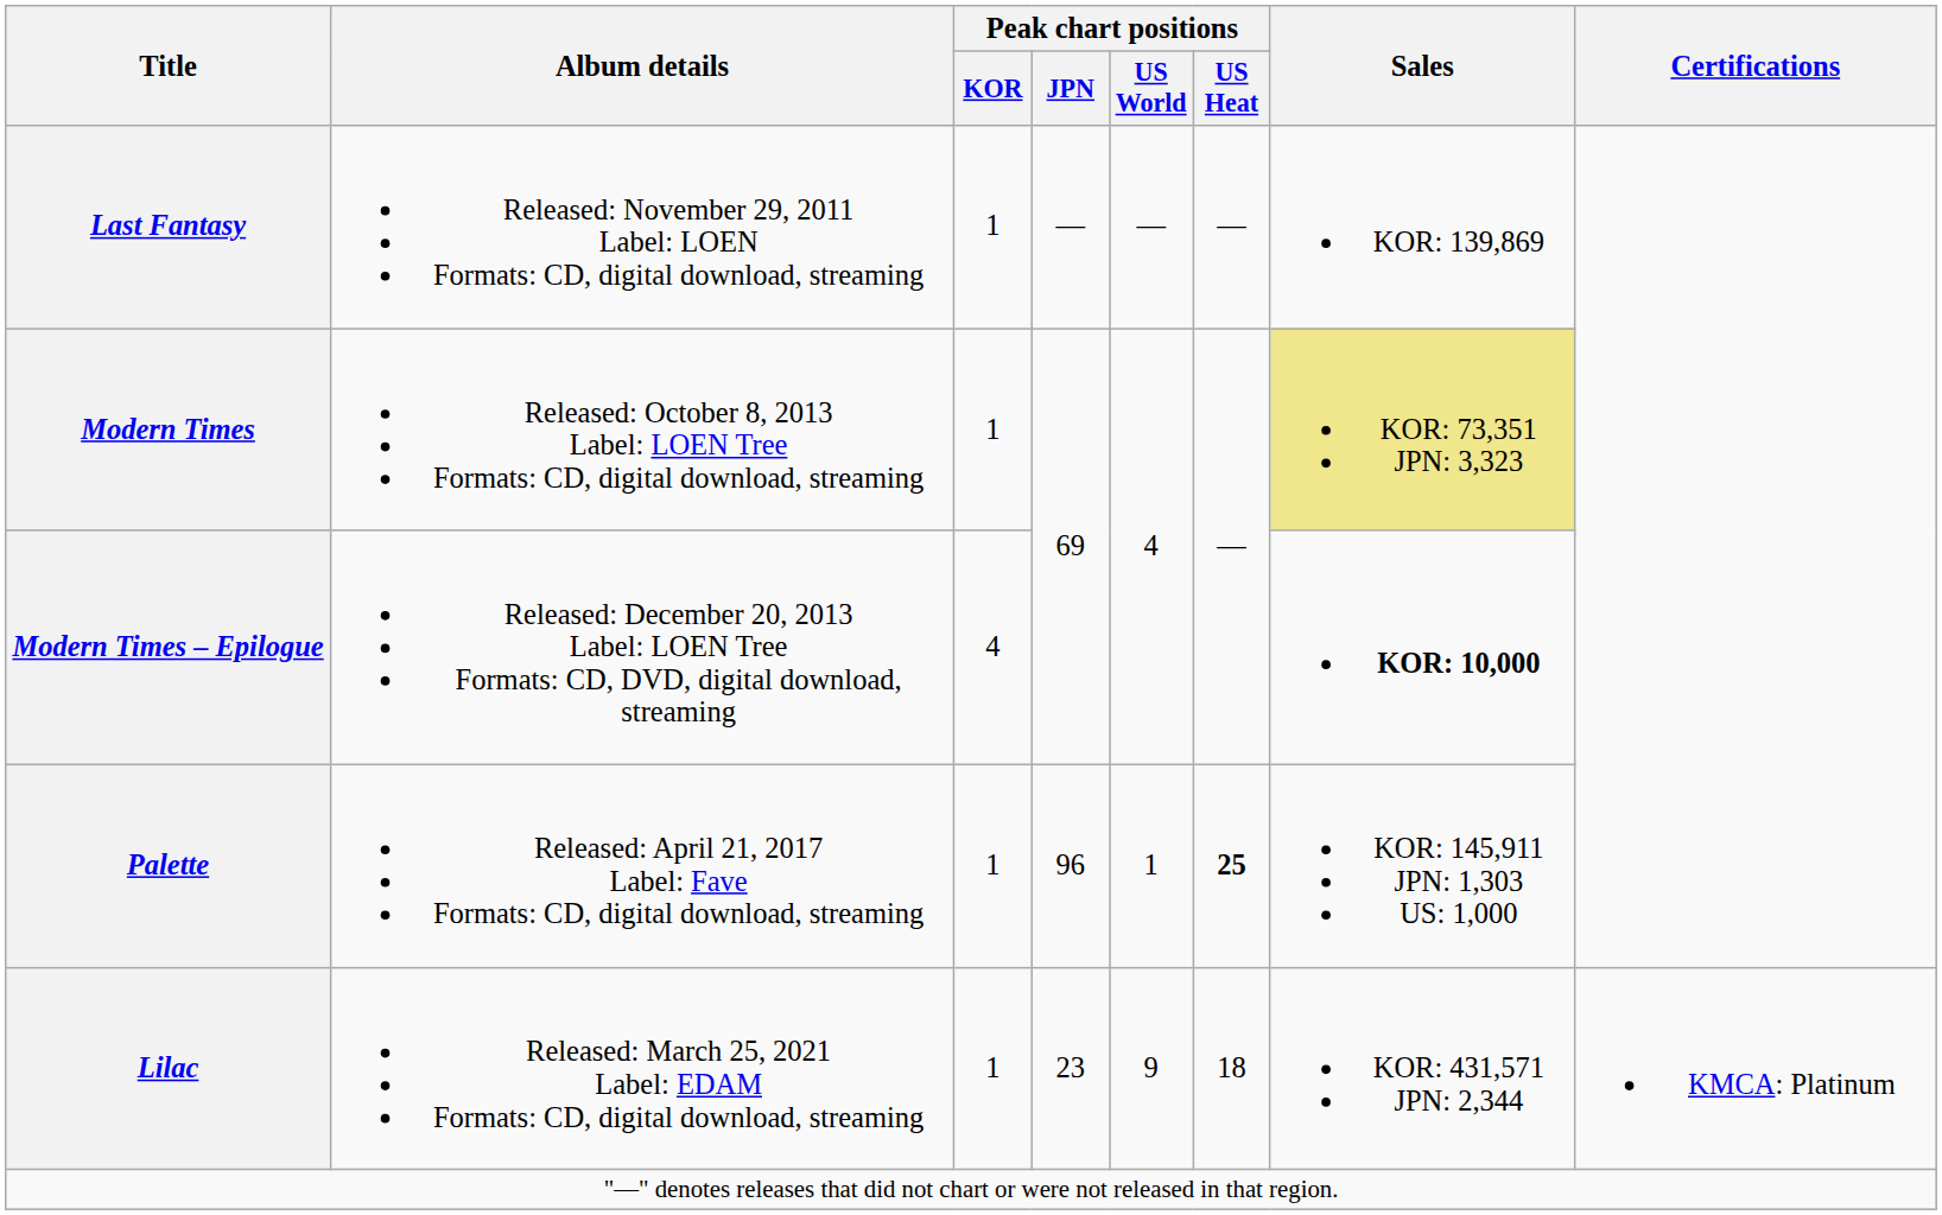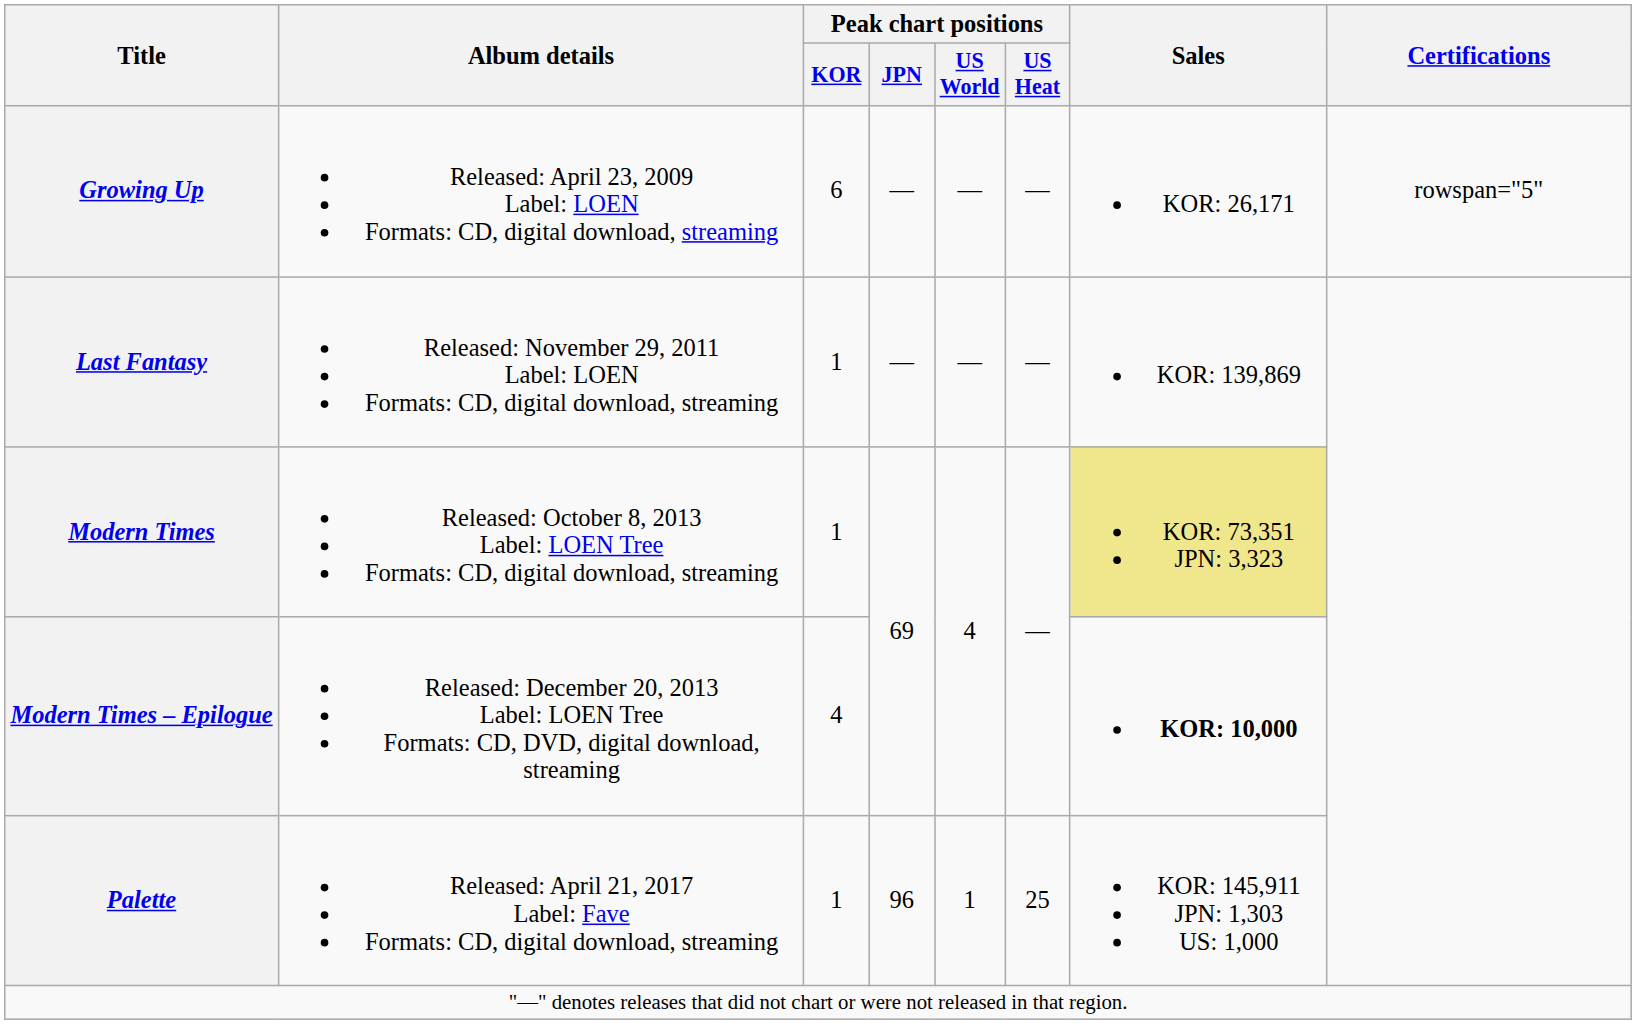 <table class="wikitable plainrowheaders" style="text-align:center;">
 <tr>
 <th rowspan="2">Title</th>
 <th rowspan="2" style="width:21em;">Album details</th>
 <th colspan="4">Peak chart positions</th>
 <th rowspan="2" style="width:10em;">Sales</th>
 <th scope="col" rowspan="2" style="width:12em;"><a href='#'>Certifications</a><br></th>
 </tr>
 <tr>
 <th scope="col" style="width:2.5em;font-size:90%;"><a href='#'>KOR</a><br></th>
 <th scope="col" style="width:2.5em;font-size:90%;"><a href='#'>JPN</a><br></th>
 <th scope="col" style="width:2.5em;font-size:90%;"><a href='#'>US<br>World</a><br></th>
 <th scope="col" style="width:2.5em;font-size:90%;"><a href='#'>US<br>Heat</a><br></th>
+</tr>
+<tr>
+<th scope="row"><em><a href='#'>Growing Up</a></em></th>
+<td><br><ul><li>Released: April 23, 2009</li><li>Label: <a href='#'>LOEN</a></li><li>Formats: CD, digital download, <a href='#'>streaming</a></li></ul></td>
+<td>6</td>
+<td>—</td>
+<td>—</td>
+<td>—</td>
+<td><br><ul><li>KOR: 26,171</li></ul></td>
+<td>rowspan="5" </td>
 </tr>
 <tr>
 <th scope="row"><em><a href='#'>Last Fantasy</a></em></th>
 <td><br><ul><li>Released: November 29, 2011</li><li>Label: LOEN</li><li>Formats: CD, digital download, streaming</li></ul></td>
 <td>1</td>
 <td>—</td>
 <td>—</td>
 <td>—</td>
 <td><br><ul><li>KOR: 139,869</li></ul></td>
 </tr>
 <tr>
 <th scope="row"><em><a href='#'>Modern Times</a></em></th>
 <td><br><ul><li>Released: October 8, 2013</li><li>Label: <a href='#'>LOEN Tree</a></li><li>Formats: CD, digital download, streaming</li></ul></td>
 <td>1</td>
 <td rowspan="2">69</td>
 <td rowspan="2">4</td>
 <td rowspan="2">—</td>
 <td style="background: khaki;"><br><ul><li>KOR: 73,351</li><li>JPN: 3,323</li></ul></td>
 </tr>
 <tr>
 <th scope="row"><em><a href='#'>Modern Times – Epilogue</a></em></th>
 <td><br><ul><li>Released: December 20, 2013</li><li>Label: LOEN Tree</li><li>Formats: CD, DVD, digital download, streaming</li></ul></td>
 <td>4</td>
 <td><strong><br><ul><li>KOR: 10,000</li></ul></strong></td>
 </tr>
 <tr>
 <th scope="row"><em><a href='#'>Palette</a></em></th>
 <td><br><ul><li>Released: April 21, 2017</li><li>Label: <a href='#'>Fave</a></li><li>Formats: CD, digital download, streaming</li></ul></td>
 <td>1</td>
 <td>96</td>
 <td>1</td>
-<td><strong>25</strong></td>
+<td>25</td>
 <td><br><ul><li>KOR: 145,911</li><li>JPN: 1,303</li><li>US: 1,000</li></ul></td>
-</tr>
-<tr>
-<th scope="row"><em><a href='#'>Lilac</a></em></th>
-<td><br><ul><li>Released: March 25, 2021</li><li>Label: <a href='#'>EDAM</a></li><li>Formats: CD, digital download, streaming</li></ul></td>
-<td>1</td>
-<td>23</td>
-<td>9</td>
-<td>18</td>
-<td><br><ul><li>KOR: 431,571</li><li>JPN: 2,344</li></ul></td>
-<td><br><ul><li><a href='#'>KMCA</a>: Platinum</li></ul></td>
 </tr>
 <tr>
 <td colspan="8" style="font-size:85%;">"—" denotes releases that did not chart or were not released in that region.</td>
 </tr>
 </table>
